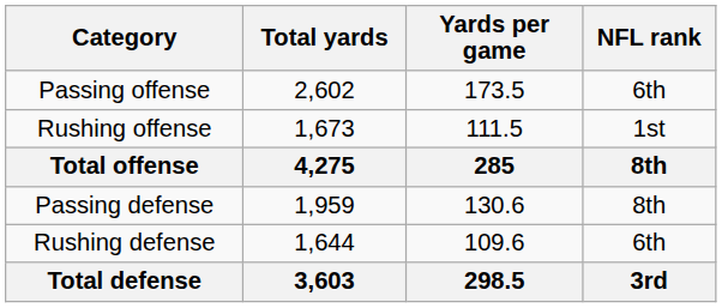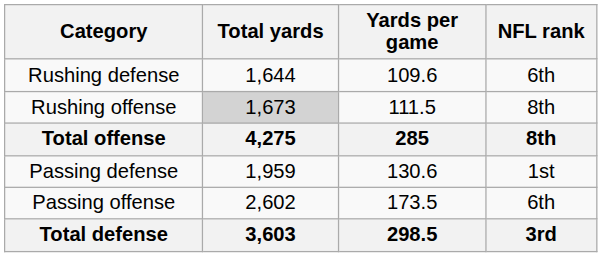 <table class="wikitable" style="text-align:center">
 <tr>
 <th width=150px>Category</th>
 <th width=100px>Total yards</th>
 <th width=110px>Yards per game</th>
 <th width=80px>NFL rank<br></th>
 </tr>
 <tr>
-<td>Passing offense</td>
-<td>2,602</td>
-<td>173.5</td>
+<td>Rushing defense</td>
+<td>1,644</td>
+<td>109.6</td>
 <td>6th</td>
 </tr>
 <tr>
 <td>Rushing offense</td>
-<td>1,673</td>
+<td style="background: lightgrey;">1,673</td>
 <td>111.5</td>
-<td>1st</td>
+<td>8th</td>
 </tr>
 <tr>
 <th>Total offense</th>
 <th>4,275</th>
 <th>285</th>
 <th>8th</th>
 </tr>
 <tr>
 <td>Passing defense</td>
 <td>1,959</td>
 <td>130.6</td>
-<td>8th</td>
+<td>1st</td>
 </tr>
 <tr>
-<td>Rushing defense</td>
-<td>1,644</td>
-<td>109.6</td>
+<td>Passing offense</td>
+<td>2,602</td>
+<td>173.5</td>
 <td>6th</td>
 </tr>
 <tr>
 <th>Total defense</th>
 <th>3,603</th>
 <th>298.5</th>
 <th>3rd</th>
 </tr>
 </table>
